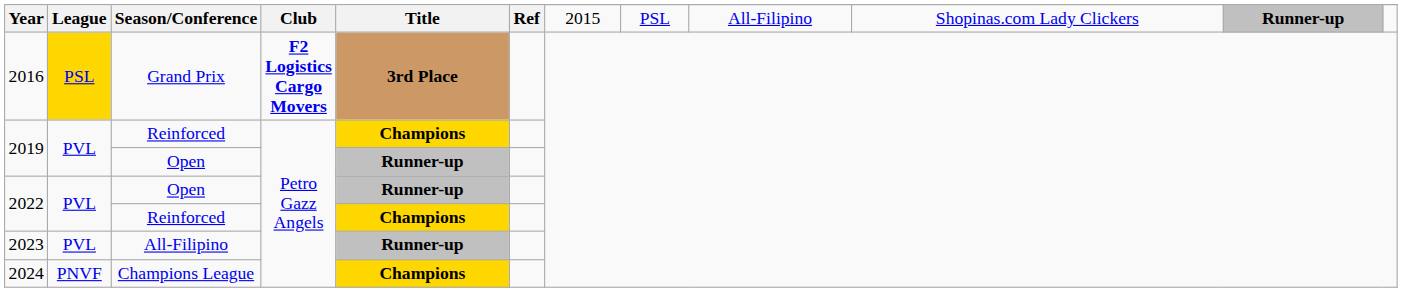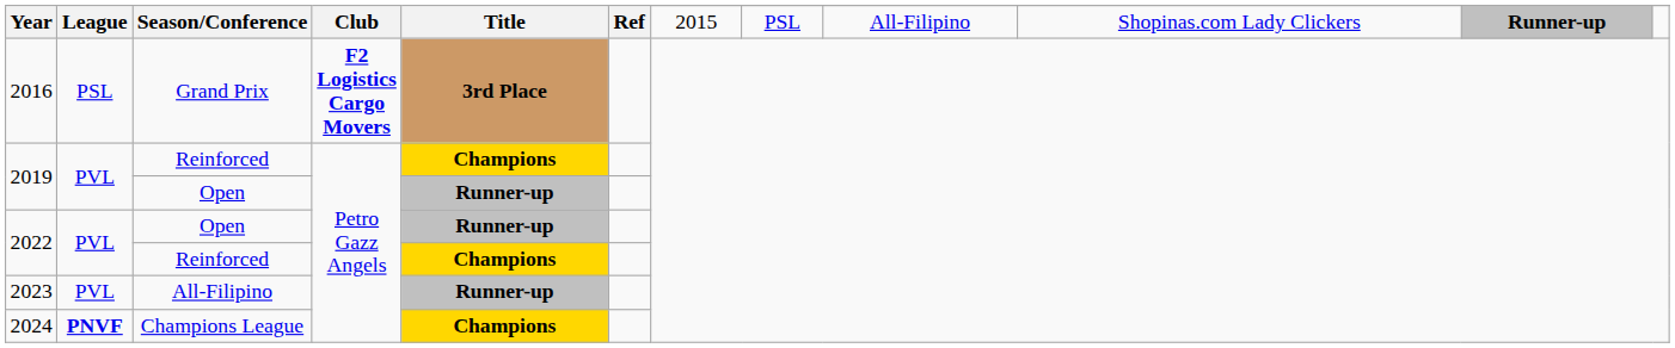 <table class="wikitable sortable" style="text-align:center" width="80%">
 <tr>
 <th style="width:5px;" rowspan="2">Year</th>
 <th style="width:25px;" rowspan="2">League</th>
 <th style="width:10px;" rowspan="2">Season/Conference</th>
 <th style="width:30px;" rowspan="2">Club</th>
 <th style="width:150px;" rowspan="2">Title</th>
 <th style="width:25px;" rowspan="2">Ref</th>
 </tr>
 <tr>
 <td>2015</td>
 <td><a href='#'>PSL</a></td>
 <td><a href='#'>All-Filipino</a></td>
 <td><a href='#'>Shopinas.com Lady Clickers</a></td>
 <td style="background:silver;"><strong>Runner-up</strong></td>
 <td></td>
 </tr>
 <tr>
 <td>2016</td>
-<td style="background: gold;"><a href='#'>PSL</a></td>
+<td><a href='#'>PSL</a></td>
 <td><a href='#'>Grand Prix</a></td>
 <td><strong><a href='#'>F2 Logistics Cargo Movers</a></strong></td>
 <td style="background:#c96;"><strong>3rd Place</strong></td>
 <td></td>
 </tr>
 <tr>
 <td rowspan=2>2019</td>
 <td rowspan="2"><a href='#'>PVL</a></td>
 <td><a href='#'>Reinforced</a></td>
 <td rowspan="6"><a href='#'>Petro Gazz Angels</a></td>
 <td style="background:gold;"><strong>Champions</strong></td>
 <td></td>
 </tr>
 <tr>
 <td><a href='#'>Open</a></td>
 <td style="background:silver;"><strong>Runner-up</strong></td>
 <td></td>
 </tr>
 <tr>
 <td rowspan=2>2022</td>
 <td rowspan="2"><a href='#'>PVL</a></td>
 <td><a href='#'>Open</a></td>
 <td style="background:silver;"><strong>Runner-up</strong></td>
 <td></td>
 </tr>
 <tr>
 <td><a href='#'>Reinforced</a></td>
 <td style="background:gold;"><strong>Champions</strong></td>
 <td></td>
 </tr>
 <tr align=center>
 <td>2023</td>
 <td rowspan=1><a href='#'>PVL</a></td>
 <td><a href='#'>All-Filipino</a></td>
 <td style="background:silver;"><strong>Runner-up</strong></td>
 <td></td>
 </tr>
 <tr align=center>
 <td>2024</td>
-<td><a href='#'>PNVF</a></td>
+<td><strong><a href='#'>PNVF</a></strong></td>
 <td><a href='#'>Champions League</a></td>
 <td style="background:gold;"><strong>Champions</strong></td>
 <td></td>
 </tr>
 </table>
